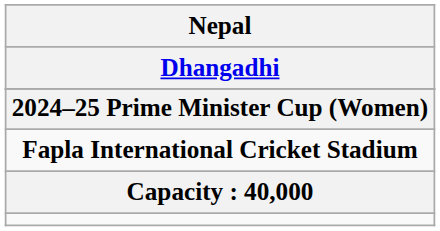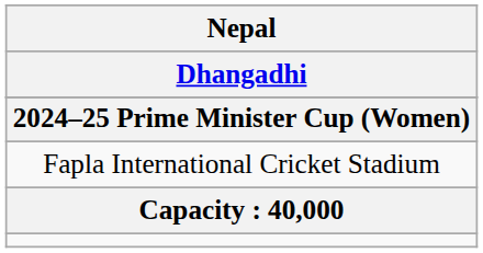 <table class="wikitable" style="text-align:center; font-size:90%; margin:1em auto">
 <tr>
 <th> Nepal</th>
 </tr>
 <tr>
 <th><a href='#'>Dhangadhi</a></th>
 </tr>
 <tr>
 </tr>
 <tr>
 <th>2024–25 Prime Minister Cup (Women)</th>
 </tr>
 <tr>
-<td><strong>Fapla International Cricket Stadium</strong></td>
+<td>Fapla International Cricket Stadium</td>
 </tr>
 <tr>
 <th>Capacity : 40,000</th>
 </tr>
 <tr>
 <td></td>
 </tr>
 </table>
